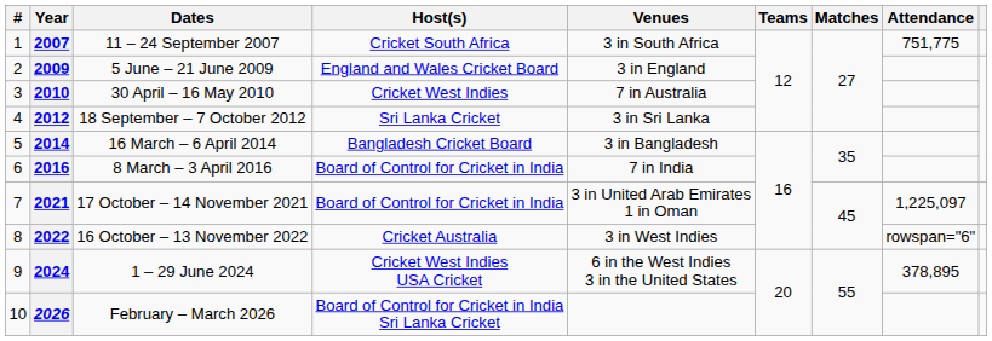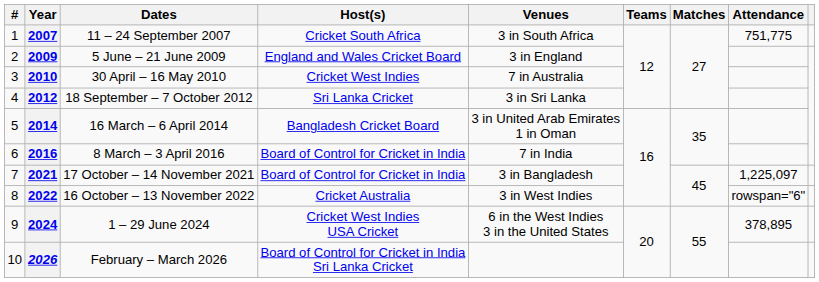 <table class="wikitable sortable" style="text-align:center">
 <tr>
 <th scope="col">#</th>
 <th scope="col">Year</th>
 <th scope="col">Dates</th>
 <th scope="col">Host(s)</th>
 <th scope="col" class="unsortable">Venues</th>
 <th scope="col">Teams</th>
 <th scope="col">Matches</th>
 <th scope="col">Attendance</th>
 <th scope="col" class="unsortable"></th>
 </tr>
 <tr>
 <td>1</td>
 <th scope="row"><a href='#'>2007</a></th>
 <td>11 – 24 September 2007</td>
 <td><a href='#'>Cricket South Africa</a></td>
 <td>3 in South Africa</td>
 <td rowspan="4">12</td>
 <td rowspan="4">27</td>
 <td>751,775</td>
 <td></td>
 </tr>
 <tr>
 <td>2</td>
 <th scope="row"><a href='#'>2009</a></th>
 <td>5 June – 21 June 2009</td>
 <td><a href='#'>England and Wales Cricket Board</a></td>
 <td>3 in England</td>
 <td></td>
 </tr>
 <tr>
 <td>3</td>
 <th scope="row"><a href='#'>2010</a></th>
 <td>30 April – 16 May 2010</td>
 <td><a href='#'>Cricket West Indies</a></td>
 <td>7 in Australia</td>
 <td></td>
 </tr>
 <tr>
 <td>4</td>
 <th scope="row"><a href='#'>2012</a></th>
 <td>18 September – 7 October 2012</td>
 <td><a href='#'>Sri Lanka Cricket</a></td>
 <td>3 in Sri Lanka</td>
 <td></td>
 </tr>
 <tr>
 <td>5</td>
 <th scope="row"><a href='#'>2014</a></th>
 <td>16 March – 6 April 2014</td>
 <td><a href='#'>Bangladesh Cricket Board</a></td>
-<td>3 in Bangladesh</td>
+<td>3 in United Arab Emirates<br>1 in Oman</td>
 <td rowspan="4">16</td>
 <td rowspan="2">35</td>
 <td></td>
 </tr>
 <tr>
 <td>6</td>
 <th scope="row"><a href='#'>2016</a></th>
 <td>8 March – 3 April 2016</td>
 <td><a href='#'>Board of Control for Cricket in India</a></td>
 <td>7 in India</td>
 <td></td>
 </tr>
 <tr>
 <td>7</td>
 <th scope="row"><a href='#'>2021</a></th>
 <td>17 October – 14 November 2021</td>
 <td><a href='#'>Board of Control for Cricket in India</a></td>
-<td>3 in United Arab Emirates<br>1 in Oman</td>
+<td>3 in Bangladesh</td>
 <td rowspan="2">45</td>
 <td>1,225,097</td>
 <td></td>
 </tr>
 <tr>
 <td>8</td>
 <th scope="row"><a href='#'>2022</a></th>
 <td>16 October – 13 November 2022</td>
 <td><a href='#'>Cricket Australia</a></td>
 <td>3 in West Indies</td>
 <td>rowspan="6" </td>
 <td></td>
 </tr>
 <tr>
 <td>9</td>
 <th scope="row"><a href='#'>2024</a></th>
 <td>1 – 29 June 2024</td>
 <td><a href='#'>Cricket West Indies</a><br><a href='#'>USA Cricket</a></td>
 <td>6 in the West Indies<br>3 in the United States</td>
 <td rowspan="2">20</td>
 <td rowspan="2">55</td>
 <td>378,895</td>
 <td></td>
 </tr>
 <tr>
 <td>10</td>
 <th scope="row"><a href='#'><em>2026</em></a></th>
 <td>February – March 2026</td>
 <td><a href='#'>Board of Control for Cricket in India</a><br><a href='#'>Sri Lanka Cricket</a></td>
 <td></td>
 <td></td>
 <td></td>
 </tr>
 </table>
